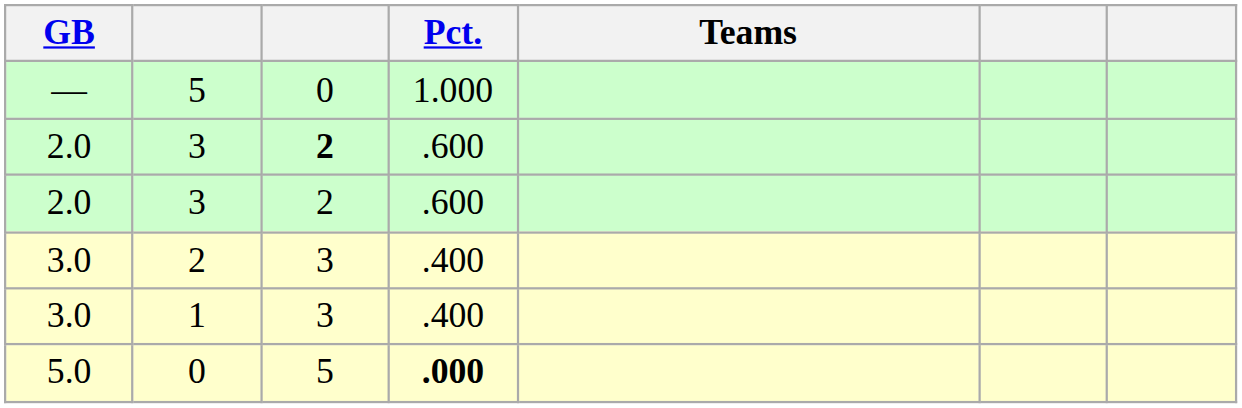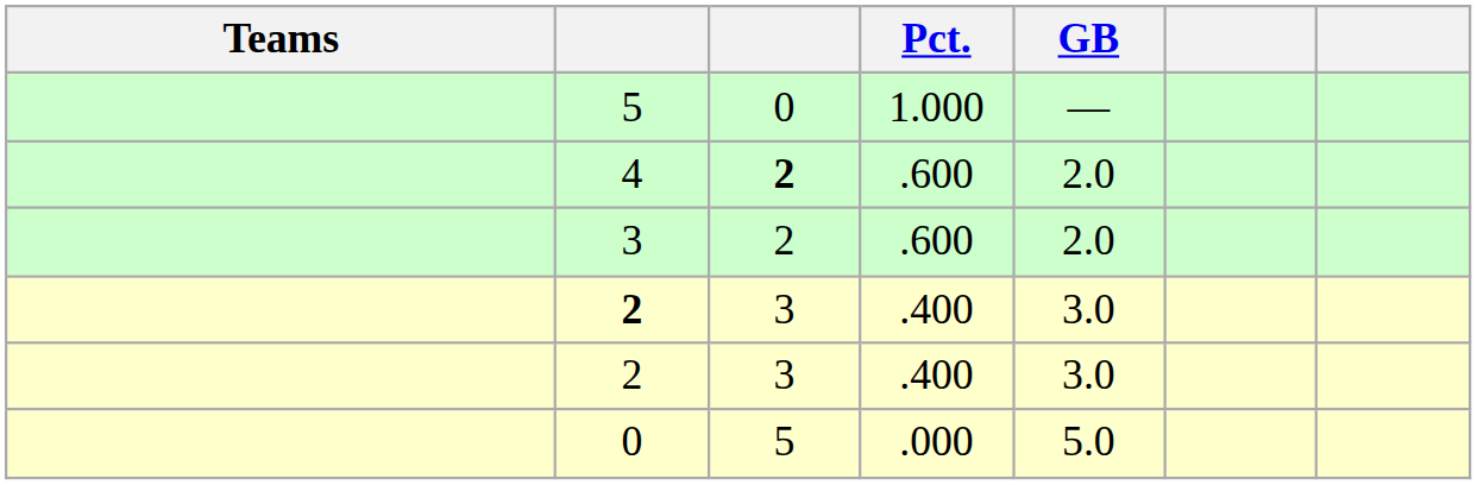 <table class="wikitable" style="text-align:center;">
 <tr>
-<th width=50px><a href='#'>GB</a></th>
+<th width=200px>Teams</th>
 <th width=50px></th>
 <th width=50px></th>
 <th width=50px><a href='#'>Pct.</a></th>
-<th width=200px>Teams</th>
+<th width=50px><a href='#'>GB</a></th>
 <th width=50px></th>
 <th width=50px></th>
 </tr>
 <tr style="background-color:#ccffcc">
-<td>—</td>
+<td align=left></td>
 <td>5</td>
 <td>0</td>
 <td>1.000</td>
-<td align=left></td>
+<td>—</td>
 <td></td>
 <td></td>
 </tr>
 <tr style="background-color:#ccffcc">
-<td>2.0</td>
-<td>3</td>
+<td align=left></td>
+<td>4</td>
 <td><strong>2</strong></td>
 <td>.600</td>
-<td align=left></td>
+<td>2.0</td>
 <td></td>
 <td></td>
 </tr>
 <tr style="background-color:#ccffcc">
-<td>2.0</td>
+<td align=left></td>
 <td>3</td>
 <td>2</td>
 <td>.600</td>
-<td align=left></td>
+<td>2.0</td>
 <td></td>
 <td></td>
 </tr>
 <tr style="background-color:#ffffcc">
-<td>3.0</td>
-<td>2</td>
+<td align=left></td>
+<td><strong>2</strong></td>
 <td>3</td>
 <td>.400</td>
-<td align=left></td>
+<td>3.0</td>
 <td></td>
 <td></td>
 </tr>
 <tr style="background-color:#ffffcc">
-<td>3.0</td>
-<td>1</td>
+<td align=left></td>
+<td>2</td>
 <td>3</td>
 <td>.400</td>
-<td align=left></td>
+<td>3.0</td>
 <td></td>
 <td></td>
 </tr>
 <tr style="background-color:#ffffcc">
-<td>5.0</td>
+<td align=left></td>
 <td>0</td>
 <td>5</td>
-<td><strong>.000</strong></td>
-<td align=left></td>
+<td>.000</td>
+<td>5.0</td>
 <td></td>
 <td></td>
 </tr>
 </table>
